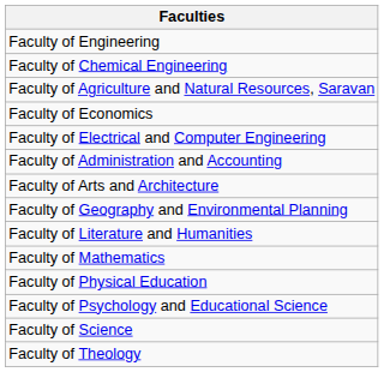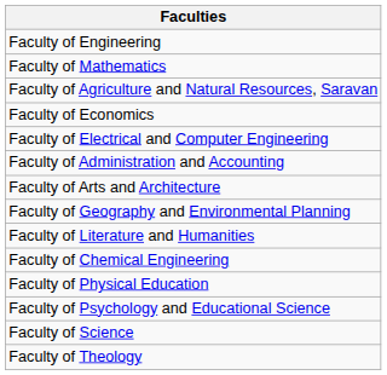 <table class="wikitable">
 <tr>
 <th>Faculties</th>
 </tr>
 <tr>
 <td>Faculty of Engineering</td>
 </tr>
 <tr>
-<td>Faculty of <a href='#'>Chemical Engineering</a></td>
+<td>Faculty of <a href='#'>Mathematics</a></td>
 </tr>
 <tr>
 <td>Faculty of <a href='#'>Agriculture</a> and <a href='#'>Natural Resources</a>, <a href='#'>Saravan</a></td>
 </tr>
 <tr>
 <td>Faculty of Economics</td>
 </tr>
 <tr>
 <td>Faculty of <a href='#'>Electrical</a> and <a href='#'>Computer Engineering</a></td>
 </tr>
 <tr>
 <td>Faculty of <a href='#'>Administration</a> and <a href='#'>Accounting</a></td>
 </tr>
 <tr>
 <td>Faculty of Arts and <a href='#'>Architecture</a></td>
 </tr>
 <tr>
 <td>Faculty of <a href='#'>Geography</a> and <a href='#'>Environmental Planning</a></td>
 </tr>
 <tr>
 <td>Faculty of <a href='#'>Literature</a> and <a href='#'>Humanities</a></td>
 </tr>
 <tr>
-<td>Faculty of <a href='#'>Mathematics</a></td>
+<td>Faculty of <a href='#'>Chemical Engineering</a></td>
 </tr>
 <tr>
 <td>Faculty of <a href='#'>Physical Education</a></td>
 </tr>
 <tr>
 <td>Faculty of <a href='#'>Psychology</a> and <a href='#'>Educational Science</a></td>
 </tr>
 <tr>
 <td>Faculty of <a href='#'>Science</a></td>
 </tr>
 <tr>
 <td>Faculty of <a href='#'>Theology</a></td>
 </tr>
 </table>
